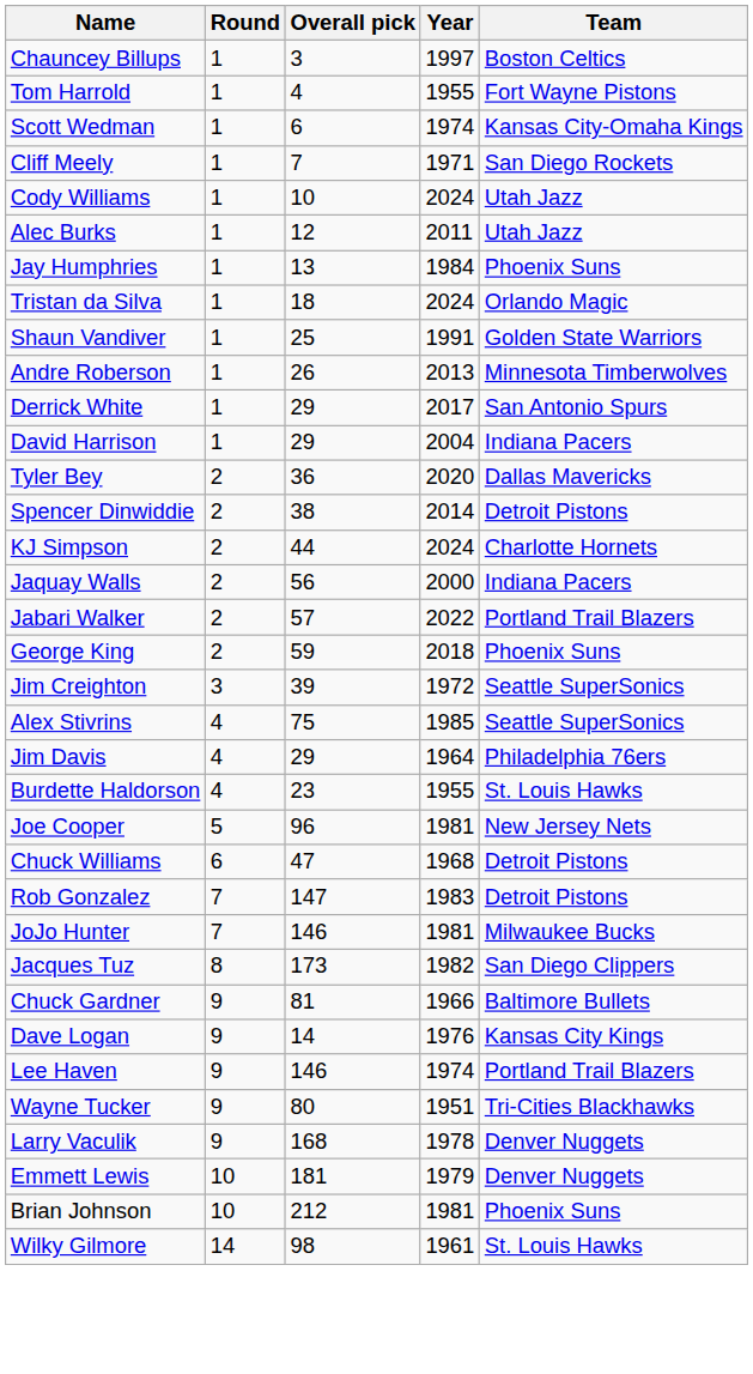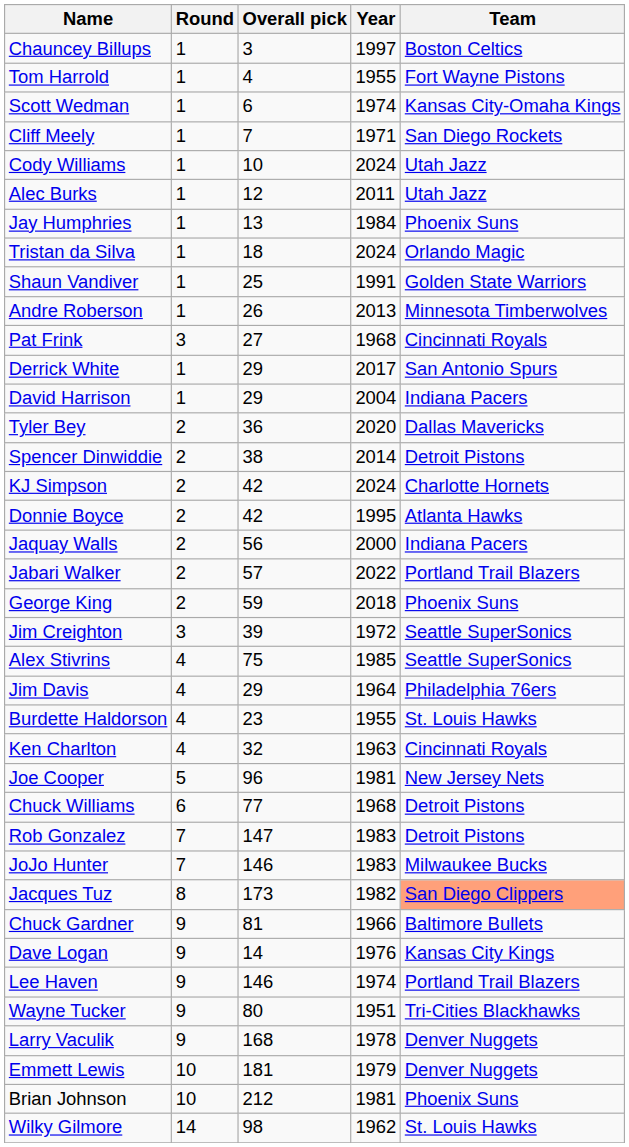 <table class="sortable wikitable">
 <tr>
 <th>Name</th>
 <th>Round</th>
 <th>Overall pick</th>
 <th>Year</th>
 <th>Team</th>
 </tr>
 <tr>
 <td><a href='#'>Chauncey Billups</a></td>
 <td>1</td>
 <td>3</td>
 <td>1997</td>
 <td><a href='#'>Boston Celtics</a></td>
 </tr>
 <tr>
 <td><a href='#'>Tom Harrold</a></td>
 <td>1</td>
 <td>4</td>
 <td>1955</td>
 <td><a href='#'>Fort Wayne Pistons</a></td>
 </tr>
 <tr>
 <td><a href='#'>Scott Wedman</a></td>
 <td>1</td>
 <td>6</td>
 <td>1974</td>
 <td><a href='#'>Kansas City-Omaha Kings</a></td>
 </tr>
 <tr>
 <td><a href='#'>Cliff Meely</a></td>
 <td>1</td>
 <td>7</td>
 <td>1971</td>
 <td><a href='#'>San Diego Rockets</a></td>
 </tr>
 <tr>
 <td><a href='#'>Cody Williams</a></td>
 <td>1</td>
 <td>10</td>
 <td>2024</td>
 <td><a href='#'>Utah Jazz</a></td>
 </tr>
 <tr>
 <td><a href='#'>Alec Burks</a></td>
 <td>1</td>
 <td>12</td>
 <td>2011</td>
 <td><a href='#'>Utah Jazz</a></td>
 </tr>
 <tr>
 <td><a href='#'>Jay Humphries</a></td>
 <td>1</td>
 <td>13</td>
 <td>1984</td>
 <td><a href='#'>Phoenix Suns</a></td>
 </tr>
 <tr>
 <td><a href='#'>Tristan da Silva</a></td>
 <td>1</td>
 <td>18</td>
 <td>2024</td>
 <td><a href='#'>Orlando Magic</a></td>
 </tr>
 <tr>
 <td><a href='#'>Shaun Vandiver</a></td>
 <td>1</td>
 <td>25</td>
 <td>1991</td>
 <td><a href='#'>Golden State Warriors</a></td>
 </tr>
 <tr>
 <td><a href='#'>Andre Roberson</a></td>
 <td>1</td>
 <td>26</td>
 <td>2013</td>
 <td><a href='#'>Minnesota Timberwolves</a></td>
 </tr>
 <tr>
+<td><a href='#'>Pat Frink</a></td>
+<td>3</td>
+<td>27</td>
+<td>1968</td>
+<td><a href='#'>Cincinnati Royals</a></td>
+</tr>
+<tr>
 <td><a href='#'>Derrick White</a></td>
 <td>1</td>
 <td>29</td>
 <td>2017</td>
 <td><a href='#'>San Antonio Spurs</a></td>
 </tr>
 <tr>
 <td><a href='#'>David Harrison</a></td>
 <td>1</td>
 <td>29</td>
 <td>2004</td>
 <td><a href='#'>Indiana Pacers</a></td>
 </tr>
 <tr>
 <td><a href='#'>Tyler Bey</a></td>
 <td>2</td>
 <td>36</td>
 <td>2020</td>
 <td><a href='#'>Dallas Mavericks</a></td>
 </tr>
 <tr>
 <td><a href='#'>Spencer Dinwiddie</a></td>
 <td>2</td>
 <td>38</td>
 <td>2014</td>
 <td><a href='#'>Detroit Pistons</a></td>
 </tr>
 <tr>
 <td><a href='#'>KJ Simpson</a></td>
 <td>2</td>
-<td>44</td>
+<td>42</td>
 <td>2024</td>
 <td><a href='#'>Charlotte Hornets</a></td>
+</tr>
+<tr>
+<td><a href='#'>Donnie Boyce</a></td>
+<td>2</td>
+<td>42</td>
+<td>1995</td>
+<td><a href='#'>Atlanta Hawks</a></td>
 </tr>
 <tr>
 <td><a href='#'>Jaquay Walls</a></td>
 <td>2</td>
 <td>56</td>
 <td>2000</td>
 <td><a href='#'>Indiana Pacers</a></td>
 </tr>
 <tr>
 <td><a href='#'>Jabari Walker</a></td>
 <td>2</td>
 <td>57</td>
 <td>2022</td>
 <td><a href='#'>Portland Trail Blazers</a></td>
 </tr>
 <tr>
 <td><a href='#'>George King</a></td>
 <td>2</td>
 <td>59</td>
 <td>2018</td>
 <td><a href='#'>Phoenix Suns</a></td>
 </tr>
 <tr>
 <td><a href='#'>Jim Creighton</a></td>
 <td>3</td>
 <td>39</td>
 <td>1972</td>
 <td><a href='#'>Seattle SuperSonics</a></td>
 </tr>
 <tr>
 <td><a href='#'>Alex Stivrins</a></td>
 <td>4</td>
 <td>75</td>
 <td>1985</td>
 <td><a href='#'>Seattle SuperSonics</a></td>
 </tr>
 <tr>
 <td><a href='#'>Jim Davis</a></td>
 <td>4</td>
 <td>29</td>
 <td>1964</td>
 <td><a href='#'>Philadelphia 76ers</a></td>
 </tr>
 <tr>
 <td><a href='#'>Burdette Haldorson</a></td>
 <td>4</td>
 <td>23</td>
 <td>1955</td>
 <td><a href='#'>St. Louis Hawks</a></td>
 </tr>
 <tr>
+<td><a href='#'>Ken Charlton</a></td>
+<td>4</td>
+<td>32</td>
+<td>1963</td>
+<td><a href='#'>Cincinnati Royals</a></td>
+</tr>
+<tr>
 <td><a href='#'>Joe Cooper</a></td>
 <td>5</td>
 <td>96</td>
 <td>1981</td>
 <td><a href='#'>New Jersey Nets</a></td>
 </tr>
 <tr>
 <td><a href='#'>Chuck Williams</a></td>
 <td>6</td>
-<td>47</td>
+<td>77</td>
 <td>1968</td>
 <td><a href='#'>Detroit Pistons</a></td>
 </tr>
 <tr>
 <td><a href='#'>Rob Gonzalez</a></td>
 <td>7</td>
 <td>147</td>
 <td>1983</td>
 <td><a href='#'>Detroit Pistons</a></td>
 </tr>
 <tr>
 <td><a href='#'>JoJo Hunter</a></td>
 <td>7</td>
 <td>146</td>
-<td>1981</td>
+<td>1983</td>
 <td><a href='#'>Milwaukee Bucks</a></td>
 </tr>
 <tr>
 <td><a href='#'>Jacques Tuz</a></td>
 <td>8</td>
 <td>173</td>
 <td>1982</td>
-<td><a href='#'>San Diego Clippers</a></td>
+<td style="background: lightsalmon;"><a href='#'>San Diego Clippers</a></td>
 </tr>
 <tr>
 <td><a href='#'>Chuck Gardner</a></td>
 <td>9</td>
 <td>81</td>
 <td>1966</td>
 <td><a href='#'>Baltimore Bullets</a></td>
 </tr>
 <tr>
 <td><a href='#'>Dave Logan</a></td>
 <td>9</td>
 <td>14</td>
 <td>1976</td>
 <td><a href='#'>Kansas City Kings</a></td>
 </tr>
 <tr>
 <td><a href='#'>Lee Haven</a></td>
 <td>9</td>
 <td>146</td>
 <td>1974</td>
 <td><a href='#'>Portland Trail Blazers</a></td>
 </tr>
 <tr>
 <td><a href='#'>Wayne Tucker</a></td>
 <td>9</td>
 <td>80</td>
 <td>1951</td>
 <td><a href='#'>Tri-Cities Blackhawks</a></td>
 </tr>
 <tr>
 <td><a href='#'>Larry Vaculik</a></td>
 <td>9</td>
 <td>168</td>
 <td>1978</td>
 <td><a href='#'>Denver Nuggets</a></td>
 </tr>
 <tr>
 <td><a href='#'>Emmett Lewis</a></td>
 <td>10</td>
 <td>181</td>
 <td>1979</td>
 <td><a href='#'>Denver Nuggets</a></td>
 </tr>
 <tr>
 <td>Brian Johnson</td>
 <td>10</td>
 <td>212</td>
 <td>1981</td>
 <td><a href='#'>Phoenix Suns</a></td>
 </tr>
 <tr>
 <td><a href='#'>Wilky Gilmore</a></td>
 <td>14</td>
 <td>98</td>
-<td>1961</td>
+<td>1962</td>
 <td><a href='#'>St. Louis Hawks</a></td>
 </tr>
 <tr>
 </tr>
 </table>
